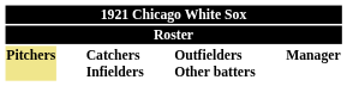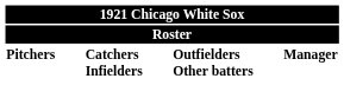 <table class="toccolours" style="font-size: 95%;">
 <tr>
 <th colspan="10" style="background-color: black; color: white; text-align: center;">1921 Chicago White Sox</th>
 </tr>
 <tr>
 <td colspan="10" style="background-color: black; color: white; text-align: center;"><strong>Roster</strong></td>
 </tr>
 <tr>
-<td valign="top" style="background: khaki;"><strong>Pitchers</strong><br>                </td>
+<td valign="top"><strong>Pitchers</strong><br>                </td>
 <td width="25px"></td>
 <td valign="top"><strong>Catchers</strong><br>   <strong>Infielders</strong>      </td>
 <td width="25px"></td>
 <td valign="top"><strong>Outfielders</strong><br>     <strong>Other batters</strong>   </td>
 <td width="25px"></td>
 <td valign="top"><strong>Manager</strong><br></td>
 </tr>
 </table>
